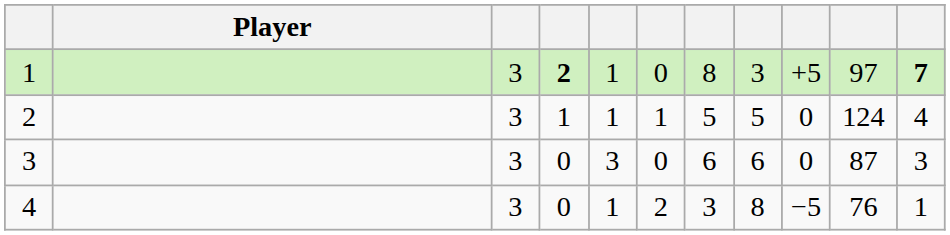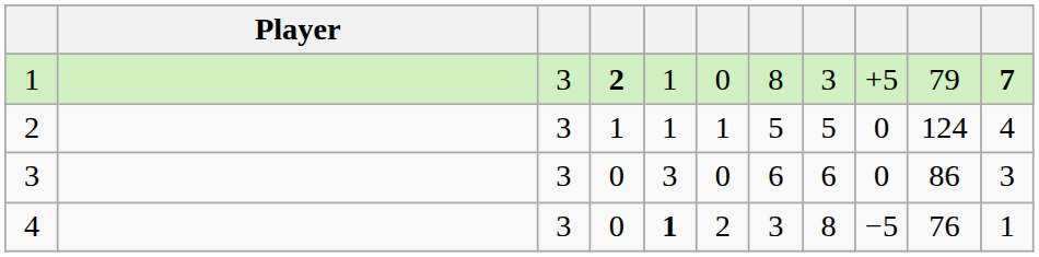 <table class="wikitable" style="text-align:center; margin: 1em auto 1em auto, align:left">
 <tr>
 <th width=20></th>
 <th width=240>Player</th>
 <th width=20></th>
 <th width=20></th>
 <th width=20></th>
 <th width=20></th>
 <th width=20></th>
 <th width=20></th>
 <th width=20></th>
 <th width=30></th>
 <th width=20></th>
 </tr>
 <tr style="background:#D0F0C0;">
 <td>1</td>
 <td align=left></td>
 <td>3</td>
 <td><strong>2</strong></td>
 <td>1</td>
 <td>0</td>
 <td>8</td>
 <td>3</td>
 <td>+5</td>
-<td>97</td>
+<td>79</td>
 <td><strong>7</strong></td>
 </tr>
 <tr style=>
 <td>2</td>
 <td align=left></td>
 <td>3</td>
 <td>1</td>
 <td>1</td>
 <td>1</td>
 <td>5</td>
 <td>5</td>
 <td>0</td>
 <td>124</td>
 <td>4</td>
 </tr>
 <tr style=>
 <td>3</td>
 <td align=left></td>
 <td>3</td>
 <td>0</td>
 <td>3</td>
 <td>0</td>
 <td>6</td>
 <td>6</td>
 <td>0</td>
-<td>87</td>
+<td>86</td>
 <td>3</td>
 </tr>
 <tr style=>
 <td>4</td>
 <td align=left></td>
 <td>3</td>
 <td>0</td>
-<td>1</td>
+<td><strong>1</strong></td>
 <td>2</td>
 <td>3</td>
 <td>8</td>
 <td>−5</td>
 <td>76</td>
 <td>1</td>
 </tr>
 </table>
